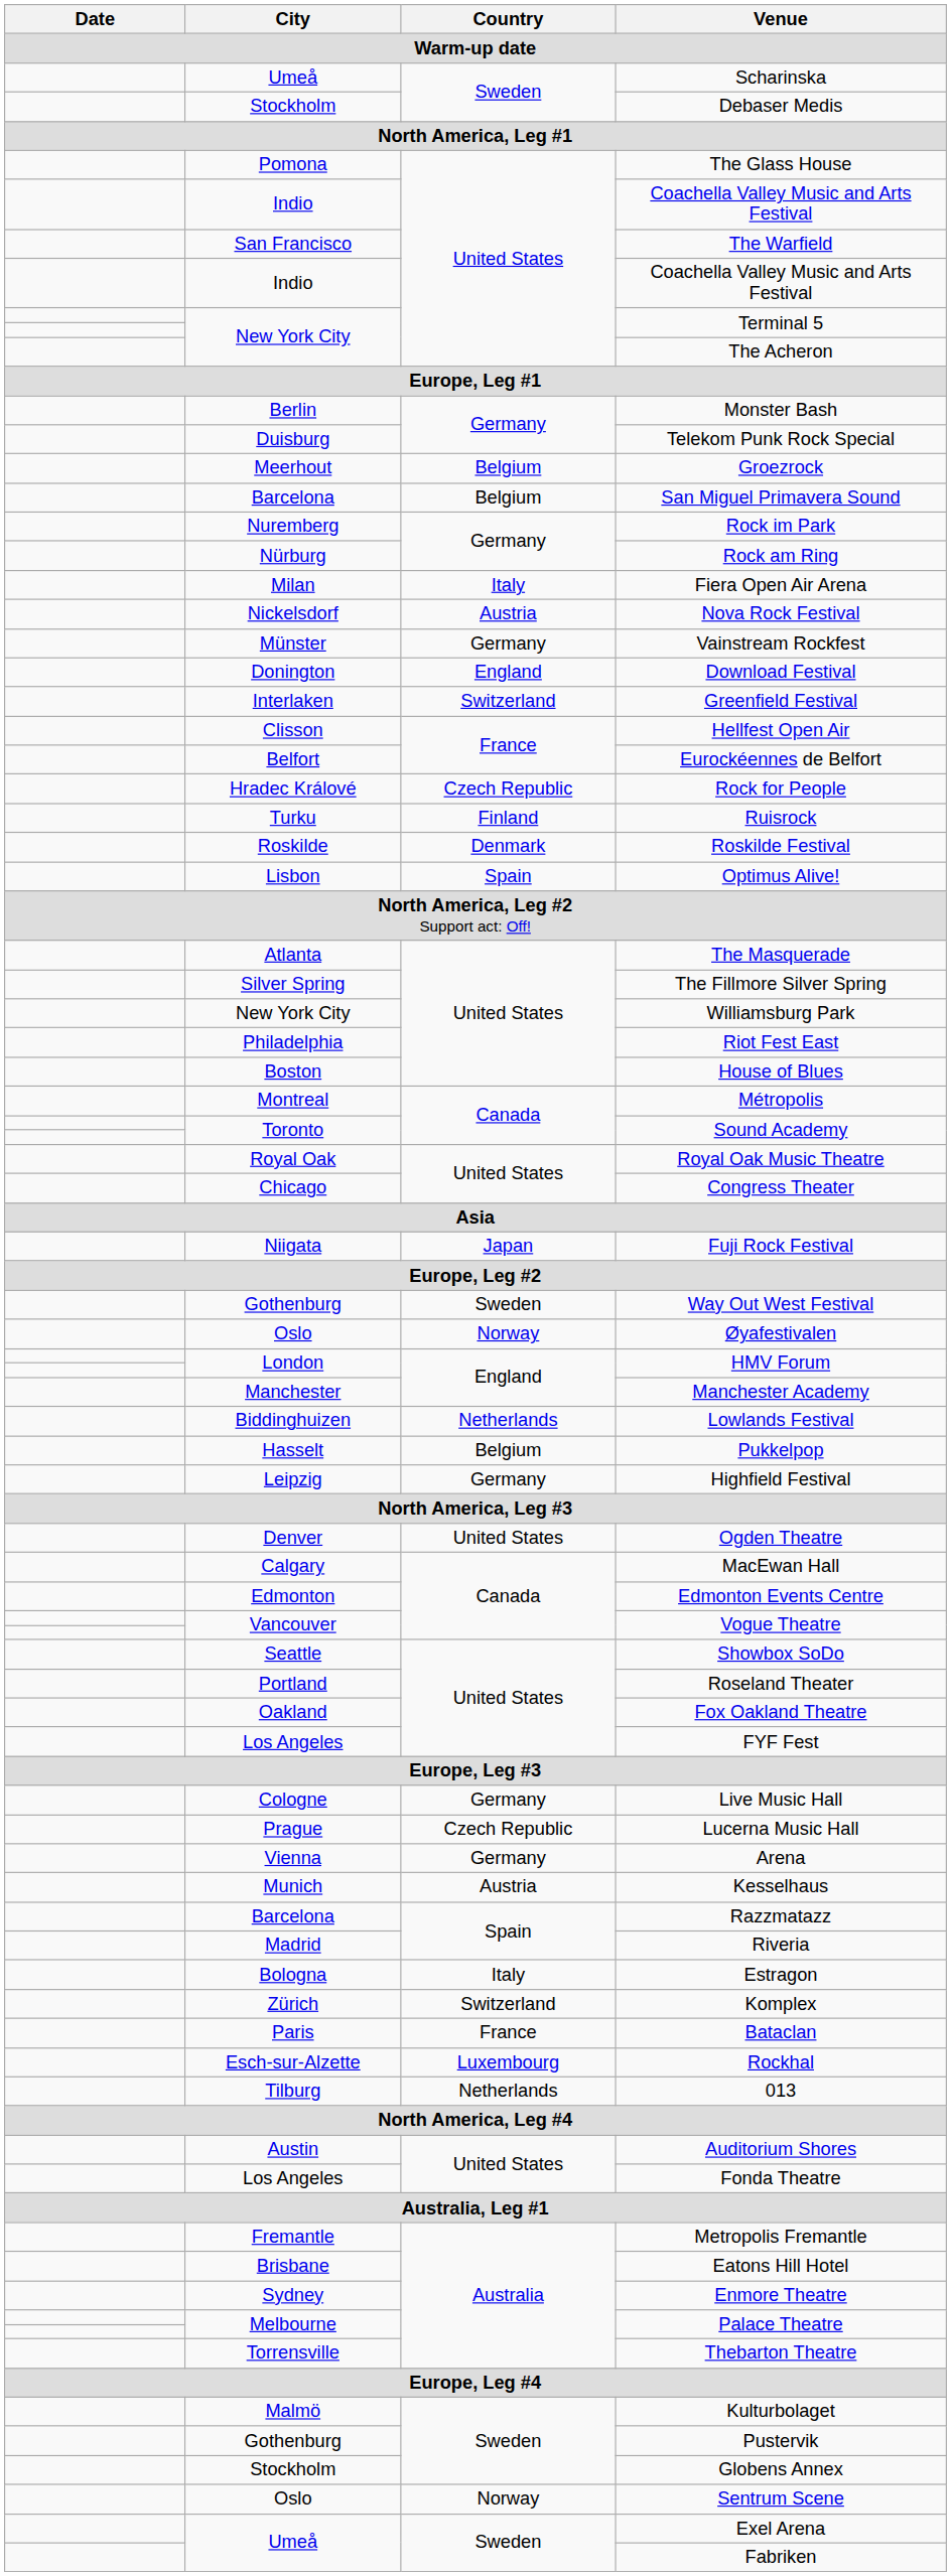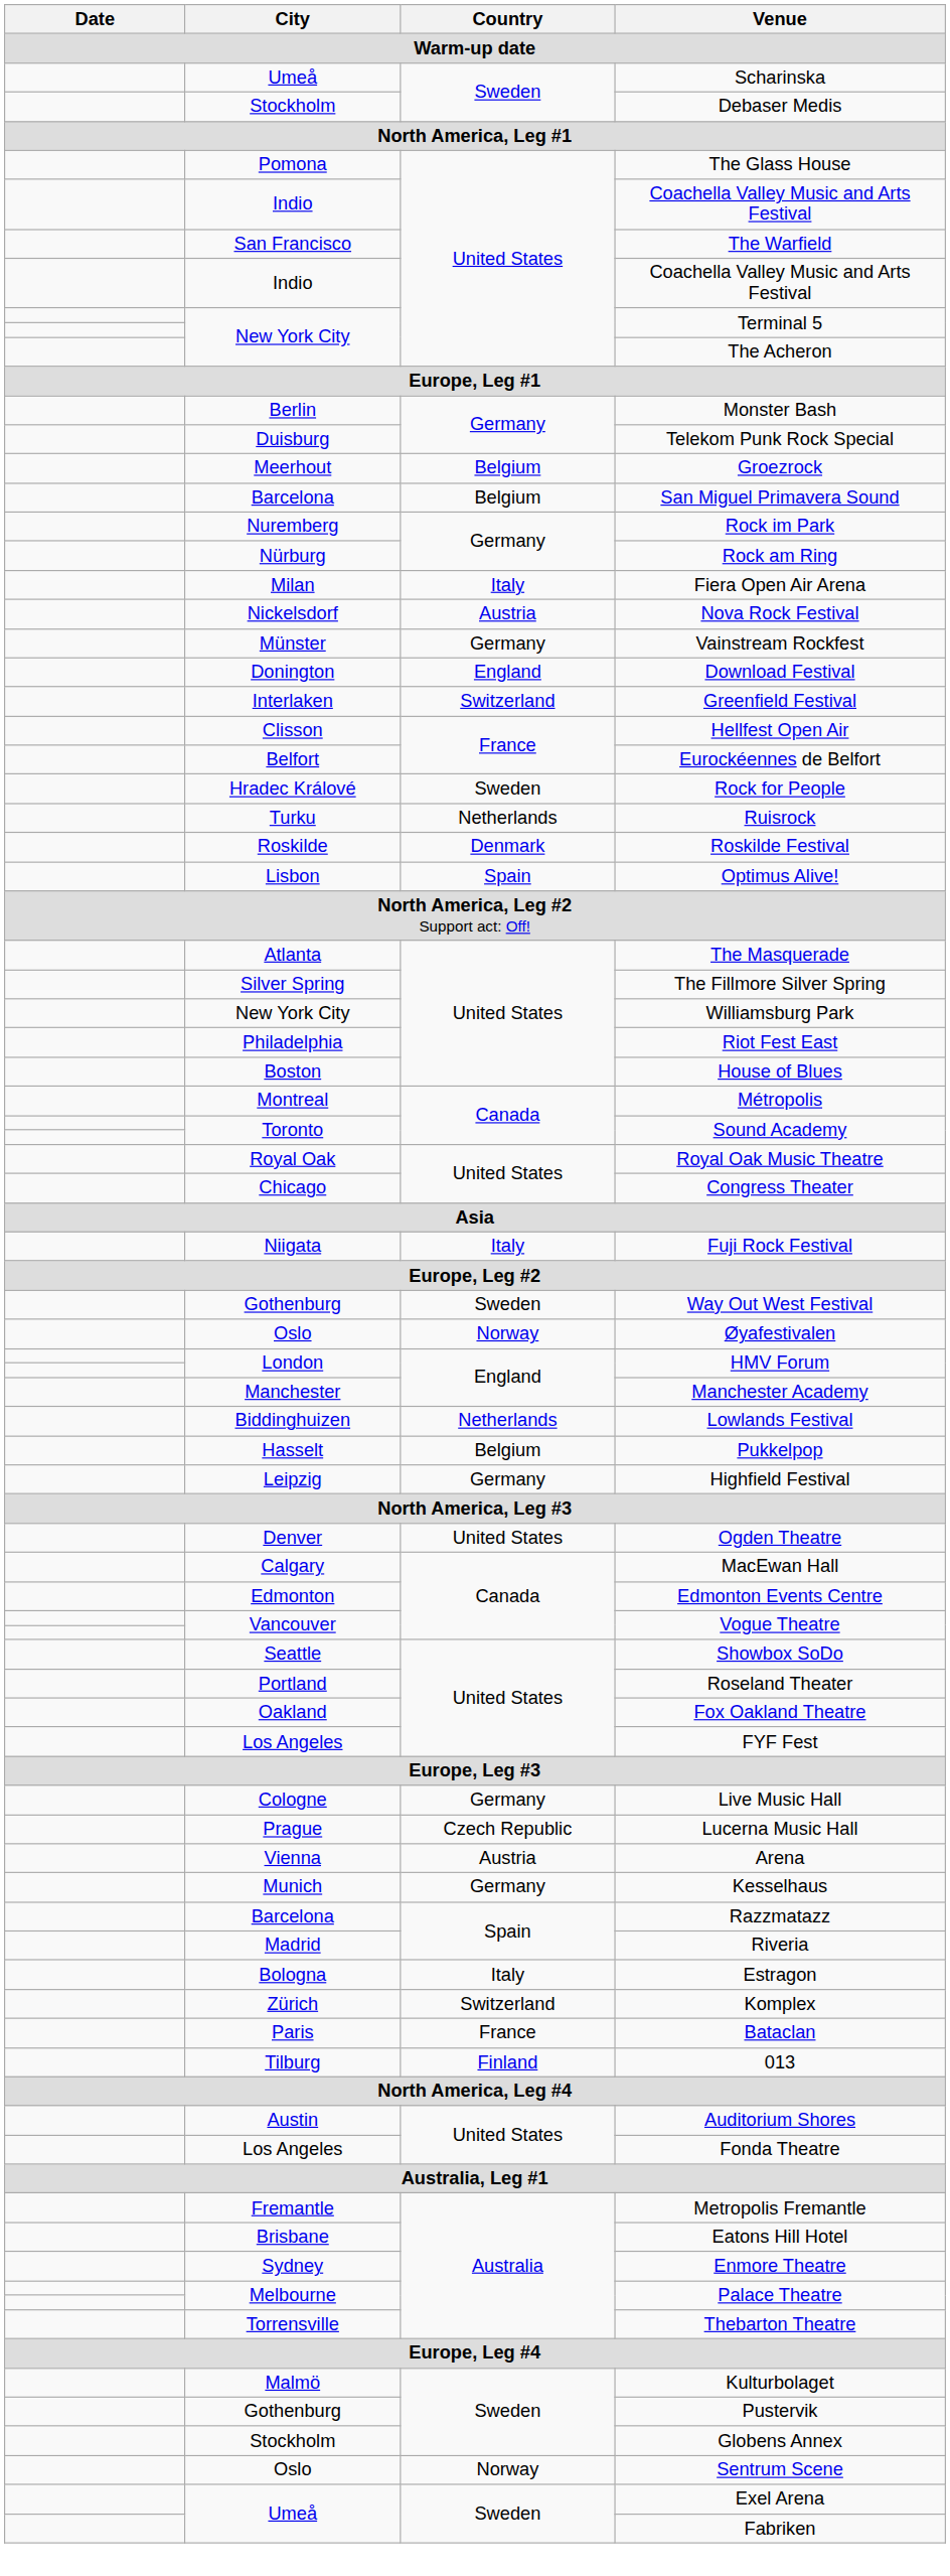 <table class="wikitable" style="text-align:center;">
 <tr>
 <th width="150">Date</th>
 <th width="180">City</th>
 <th width="180">Country</th>
 <th width="280">Venue</th>
 </tr>
 <tr bgcolor="#DDDDDD">
 <td colspan="4"><strong>Warm-up date</strong></td>
 </tr>
 <tr>
 <td></td>
 <td><a href='#'>Umeå</a></td>
 <td rowspan="2"><a href='#'>Sweden</a></td>
 <td>Scharinska</td>
 </tr>
 <tr>
 <td></td>
 <td><a href='#'>Stockholm</a></td>
 <td>Debaser Medis</td>
 </tr>
 <tr bgcolor="#DDDDDD">
 <td colspan="4"><strong>North America, Leg #1</strong></td>
 </tr>
 <tr>
 <td></td>
 <td><a href='#'>Pomona</a></td>
 <td rowspan="7"><a href='#'>United States</a></td>
 <td>The Glass House</td>
 </tr>
 <tr>
 <td></td>
 <td><a href='#'>Indio</a></td>
 <td><a href='#'>Coachella Valley Music and Arts Festival</a></td>
 </tr>
 <tr>
 <td></td>
 <td><a href='#'>San Francisco</a></td>
 <td><a href='#'>The Warfield</a></td>
 </tr>
 <tr>
 <td></td>
 <td>Indio</td>
 <td>Coachella Valley Music and Arts Festival</td>
 </tr>
 <tr>
 <td></td>
 <td rowspan="3"><a href='#'>New York City</a></td>
 <td rowspan="2">Terminal 5</td>
 </tr>
 <tr>
 <td></td>
 </tr>
 <tr>
 <td></td>
 <td>The Acheron</td>
 </tr>
 <tr bgcolor="#DDDDDD">
 <td colspan="4"><strong>Europe, Leg #1</strong></td>
 </tr>
 <tr>
 <td></td>
 <td><a href='#'>Berlin</a></td>
 <td rowspan="2"><a href='#'>Germany</a></td>
 <td>Monster Bash</td>
 </tr>
 <tr>
 <td></td>
 <td><a href='#'>Duisburg</a></td>
 <td>Telekom Punk Rock Special</td>
 </tr>
 <tr>
 <td></td>
 <td><a href='#'>Meerhout</a></td>
 <td><a href='#'>Belgium</a></td>
 <td><a href='#'>Groezrock</a></td>
 </tr>
 <tr>
 <td></td>
 <td><a href='#'>Barcelona</a></td>
 <td>Belgium</td>
 <td><a href='#'>San Miguel Primavera Sound</a></td>
 </tr>
 <tr>
 <td></td>
 <td><a href='#'>Nuremberg</a></td>
 <td rowspan="2">Germany</td>
 <td><a href='#'>Rock im Park</a></td>
 </tr>
 <tr>
 <td></td>
 <td><a href='#'>Nürburg</a></td>
 <td><a href='#'>Rock am Ring</a></td>
 </tr>
 <tr>
 <td></td>
 <td><a href='#'>Milan</a></td>
 <td><a href='#'>Italy</a></td>
 <td>Fiera Open Air Arena</td>
 </tr>
 <tr>
 <td></td>
 <td><a href='#'>Nickelsdorf</a></td>
 <td><a href='#'>Austria</a></td>
 <td><a href='#'>Nova Rock Festival</a></td>
 </tr>
 <tr>
 <td></td>
 <td><a href='#'>Münster</a></td>
 <td>Germany</td>
 <td>Vainstream Rockfest</td>
 </tr>
 <tr>
 <td></td>
 <td><a href='#'>Donington</a></td>
 <td><a href='#'>England</a></td>
 <td><a href='#'>Download Festival</a></td>
 </tr>
 <tr>
 <td></td>
 <td><a href='#'>Interlaken</a></td>
 <td><a href='#'>Switzerland</a></td>
 <td><a href='#'>Greenfield Festival</a></td>
 </tr>
 <tr>
 <td></td>
 <td><a href='#'>Clisson</a></td>
 <td rowspan="2"><a href='#'>France</a></td>
 <td><a href='#'>Hellfest Open Air</a></td>
 </tr>
 <tr>
 <td></td>
 <td><a href='#'>Belfort</a></td>
 <td><a href='#'>Eurockéennes</a> de Belfort</td>
 </tr>
 <tr>
 <td></td>
 <td><a href='#'>Hradec Králové</a></td>
-<td><a href='#'>Czech Republic</a></td>
+<td>Sweden</td>
 <td><a href='#'>Rock for People</a></td>
 </tr>
 <tr>
 <td></td>
 <td><a href='#'>Turku</a></td>
-<td><a href='#'>Finland</a></td>
+<td>Netherlands</td>
 <td><a href='#'>Ruisrock</a></td>
 </tr>
 <tr>
 <td></td>
 <td><a href='#'>Roskilde</a></td>
 <td><a href='#'>Denmark</a></td>
 <td><a href='#'>Roskilde Festival</a></td>
 </tr>
 <tr>
 <td></td>
 <td><a href='#'>Lisbon</a></td>
 <td><a href='#'>Spain</a></td>
 <td><a href='#'>Optimus Alive!</a></td>
 </tr>
 <tr bgcolor="#DDDDDD">
 <td colspan="4"><strong>North America, Leg #2</strong><br><small>Support act: <a href='#'>Off!</a></small></td>
 </tr>
 <tr>
 <td></td>
 <td><a href='#'>Atlanta</a></td>
 <td rowspan="5">United States</td>
 <td><a href='#'>The Masquerade</a></td>
 </tr>
 <tr>
 <td></td>
 <td><a href='#'>Silver Spring</a></td>
 <td>The Fillmore Silver Spring</td>
 </tr>
 <tr>
 <td></td>
 <td>New York City</td>
 <td>Williamsburg Park</td>
 </tr>
 <tr>
 <td></td>
 <td><a href='#'>Philadelphia</a></td>
 <td><a href='#'>Riot Fest East</a></td>
 </tr>
 <tr>
 <td></td>
 <td><a href='#'>Boston</a></td>
 <td><a href='#'>House of Blues</a></td>
 </tr>
 <tr>
 <td></td>
 <td><a href='#'>Montreal</a></td>
 <td rowspan="3"><a href='#'>Canada</a></td>
 <td><a href='#'>Métropolis</a></td>
 </tr>
 <tr>
 <td></td>
 <td rowspan="2"><a href='#'>Toronto</a></td>
 <td rowspan="2"><a href='#'>Sound Academy</a></td>
 </tr>
 <tr>
 <td></td>
 </tr>
 <tr>
 <td></td>
 <td><a href='#'>Royal Oak</a></td>
 <td rowspan="2">United States</td>
 <td><a href='#'>Royal Oak Music Theatre</a></td>
 </tr>
 <tr>
 <td></td>
 <td><a href='#'>Chicago</a></td>
 <td><a href='#'>Congress Theater</a></td>
 </tr>
 <tr bgcolor="#DDDDDD">
 <td colspan="4"><strong>Asia</strong></td>
 </tr>
 <tr>
 <td></td>
 <td><a href='#'>Niigata</a></td>
-<td><a href='#'>Japan</a></td>
+<td><a href='#'>Italy</a></td>
 <td><a href='#'>Fuji Rock Festival</a></td>
 </tr>
 <tr bgcolor="#DDDDDD">
 <td colspan="4"><strong>Europe, Leg #2</strong></td>
 </tr>
 <tr>
 <td></td>
 <td><a href='#'>Gothenburg</a></td>
 <td>Sweden</td>
 <td><a href='#'>Way Out West Festival</a></td>
 </tr>
 <tr>
 <td></td>
 <td><a href='#'>Oslo</a></td>
 <td><a href='#'>Norway</a></td>
 <td><a href='#'>Øyafestivalen</a></td>
 </tr>
 <tr>
 <td></td>
 <td rowspan="2"><a href='#'>London</a></td>
 <td rowspan="3">England</td>
 <td rowspan="2"><a href='#'>HMV Forum</a></td>
 </tr>
 <tr>
 <td></td>
 </tr>
 <tr>
 <td></td>
 <td><a href='#'>Manchester</a></td>
 <td><a href='#'>Manchester Academy</a></td>
 </tr>
 <tr>
 <td></td>
 <td><a href='#'>Biddinghuizen</a></td>
 <td><a href='#'>Netherlands</a></td>
 <td><a href='#'>Lowlands Festival</a></td>
 </tr>
 <tr>
 <td></td>
 <td><a href='#'>Hasselt</a></td>
 <td>Belgium</td>
 <td><a href='#'>Pukkelpop</a></td>
 </tr>
 <tr>
 <td></td>
 <td><a href='#'>Leipzig</a></td>
 <td>Germany</td>
 <td>Highfield Festival</td>
 </tr>
 <tr bgcolor="#DDDDDD">
 <td colspan="4"><strong>North America, Leg #3</strong></td>
 </tr>
 <tr>
 <td></td>
 <td><a href='#'>Denver</a></td>
 <td>United States</td>
 <td><a href='#'>Ogden Theatre</a></td>
 </tr>
 <tr>
 <td></td>
 <td><a href='#'>Calgary</a></td>
 <td rowspan="4">Canada</td>
 <td>MacEwan Hall</td>
 </tr>
 <tr>
 <td></td>
 <td><a href='#'>Edmonton</a></td>
 <td><a href='#'>Edmonton Events Centre</a></td>
 </tr>
 <tr>
 <td></td>
 <td rowspan="2"><a href='#'>Vancouver</a></td>
 <td rowspan="2"><a href='#'>Vogue Theatre</a></td>
 </tr>
 <tr>
 <td></td>
 </tr>
 <tr>
 <td></td>
 <td><a href='#'>Seattle</a></td>
 <td rowspan="4">United States</td>
 <td><a href='#'>Showbox SoDo</a></td>
 </tr>
 <tr>
 <td></td>
 <td><a href='#'>Portland</a></td>
 <td>Roseland Theater</td>
 </tr>
 <tr>
 <td></td>
 <td><a href='#'>Oakland</a></td>
 <td><a href='#'>Fox Oakland Theatre</a></td>
 </tr>
 <tr>
 <td></td>
 <td><a href='#'>Los Angeles</a></td>
 <td>FYF Fest</td>
 </tr>
 <tr bgcolor="#DDDDDD">
 <td colspan="4"><strong>Europe, Leg #3</strong></td>
 </tr>
 <tr>
 <td></td>
 <td><a href='#'>Cologne</a></td>
 <td>Germany</td>
 <td>Live Music Hall</td>
 </tr>
 <tr>
 <td></td>
 <td><a href='#'>Prague</a></td>
 <td>Czech Republic</td>
 <td>Lucerna Music Hall</td>
 </tr>
 <tr>
 <td></td>
 <td><a href='#'>Vienna</a></td>
-<td>Germany</td>
+<td>Austria</td>
 <td>Arena</td>
 </tr>
 <tr>
 <td></td>
 <td><a href='#'>Munich</a></td>
-<td>Austria</td>
+<td>Germany</td>
 <td>Kesselhaus</td>
 </tr>
 <tr>
 <td></td>
 <td><a href='#'>Barcelona</a></td>
 <td rowspan="2">Spain</td>
 <td>Razzmatazz</td>
 </tr>
 <tr>
 <td></td>
 <td><a href='#'>Madrid</a></td>
 <td>Riveria</td>
 </tr>
 <tr>
 <td></td>
 <td><a href='#'>Bologna</a></td>
 <td>Italy</td>
 <td>Estragon</td>
 </tr>
 <tr>
 <td></td>
 <td><a href='#'>Zürich</a></td>
 <td>Switzerland</td>
 <td>Komplex</td>
 </tr>
 <tr>
 <td></td>
 <td><a href='#'>Paris</a></td>
 <td>France</td>
 <td><a href='#'>Bataclan</a></td>
 </tr>
 <tr>
 <td></td>
-<td><a href='#'>Esch-sur-Alzette</a></td>
-<td><a href='#'>Luxembourg</a></td>
-<td><a href='#'>Rockhal</a></td>
-</tr>
-<tr>
-<td></td>
 <td><a href='#'>Tilburg</a></td>
-<td>Netherlands</td>
+<td><a href='#'>Finland</a></td>
 <td>013</td>
 </tr>
 <tr bgcolor="#DDDDDD">
 <td colspan="4"><strong>North America, Leg #4</strong></td>
 </tr>
 <tr>
 <td></td>
 <td><a href='#'>Austin</a></td>
 <td rowspan="2">United States</td>
 <td><a href='#'>Auditorium Shores</a></td>
 </tr>
 <tr>
 <td></td>
 <td>Los Angeles</td>
 <td>Fonda Theatre</td>
 </tr>
 <tr bgcolor="#DDDDDD">
 <td colspan="4"><strong>Australia, Leg #1</strong></td>
 </tr>
 <tr>
 <td></td>
 <td><a href='#'>Fremantle</a></td>
 <td rowspan="6"><a href='#'>Australia</a></td>
 <td>Metropolis Fremantle</td>
 </tr>
 <tr>
 <td></td>
 <td><a href='#'>Brisbane</a></td>
 <td>Eatons Hill Hotel</td>
 </tr>
 <tr>
 <td></td>
 <td><a href='#'>Sydney</a></td>
 <td><a href='#'>Enmore Theatre</a></td>
 </tr>
 <tr>
 <td></td>
 <td rowspan="2"><a href='#'>Melbourne</a></td>
 <td rowspan="2"><a href='#'>Palace Theatre</a></td>
 </tr>
 <tr>
 <td></td>
 </tr>
 <tr>
 <td></td>
 <td><a href='#'>Torrensville</a></td>
 <td><a href='#'>Thebarton Theatre</a></td>
 </tr>
 <tr bgcolor="#DDDDDD">
 <td colspan="4"><strong>Europe, Leg #4</strong></td>
 </tr>
 <tr>
 <td></td>
 <td><a href='#'>Malmö</a></td>
 <td rowspan="3">Sweden</td>
 <td>Kulturbolaget</td>
 </tr>
 <tr>
 <td></td>
 <td>Gothenburg</td>
 <td>Pustervik</td>
 </tr>
 <tr>
 <td></td>
 <td>Stockholm</td>
 <td>Globens Annex</td>
 </tr>
 <tr>
 <td></td>
 <td>Oslo</td>
 <td>Norway</td>
 <td><a href='#'>Sentrum Scene</a></td>
 </tr>
 <tr>
 <td></td>
 <td rowspan="2"><a href='#'>Umeå</a></td>
 <td rowspan="2">Sweden</td>
 <td>Exel Arena</td>
 </tr>
 <tr>
 <td></td>
 <td>Fabriken</td>
 </tr>
 </table>
